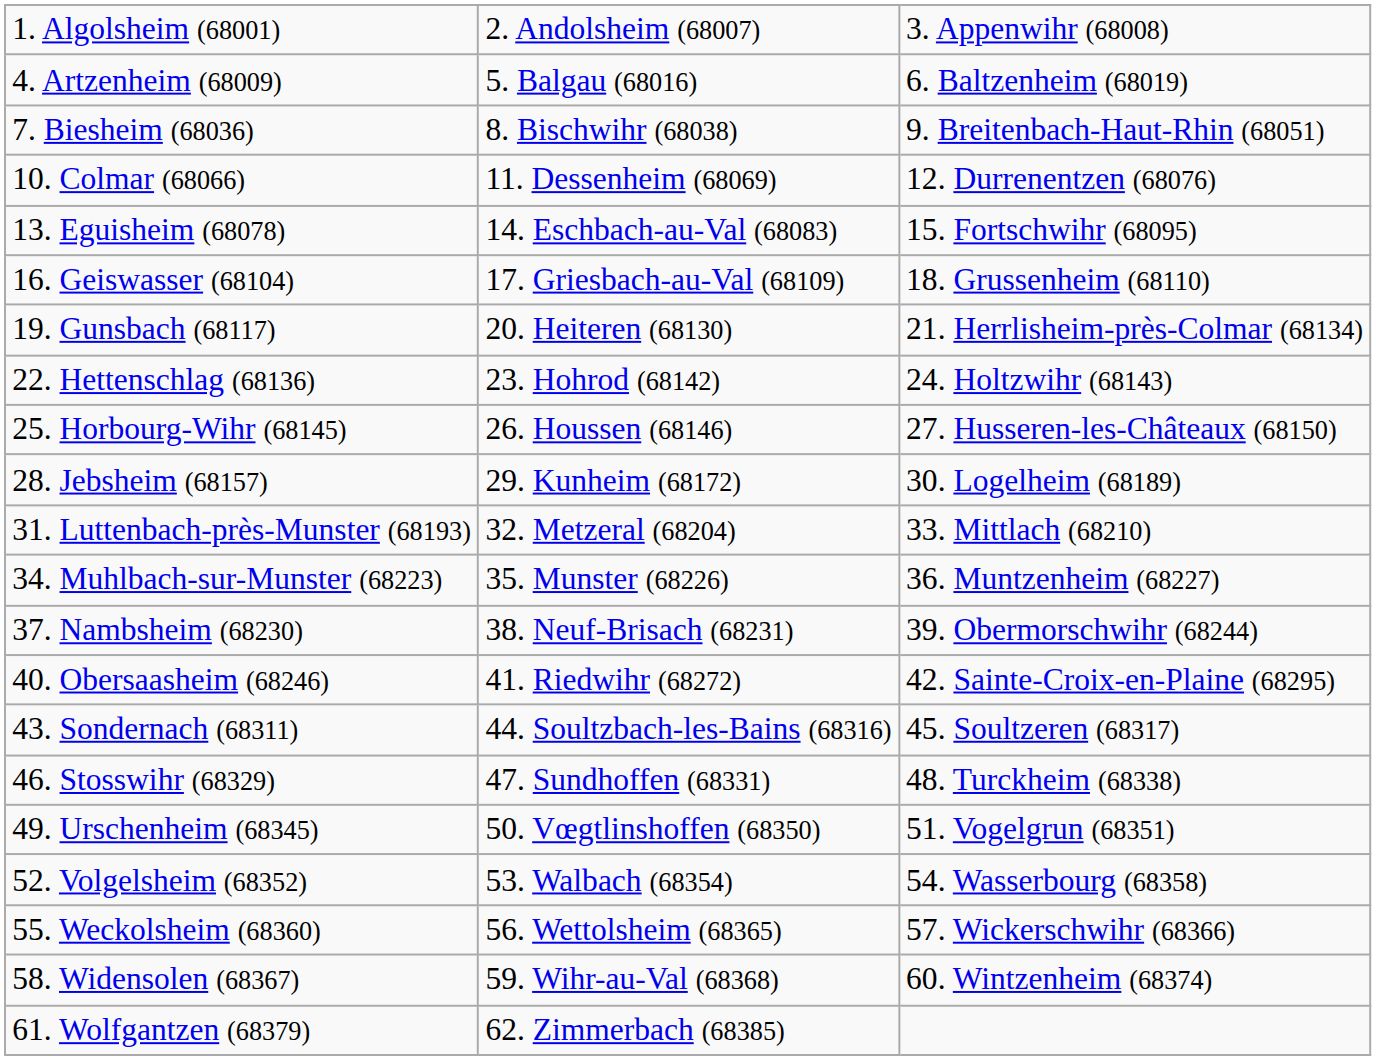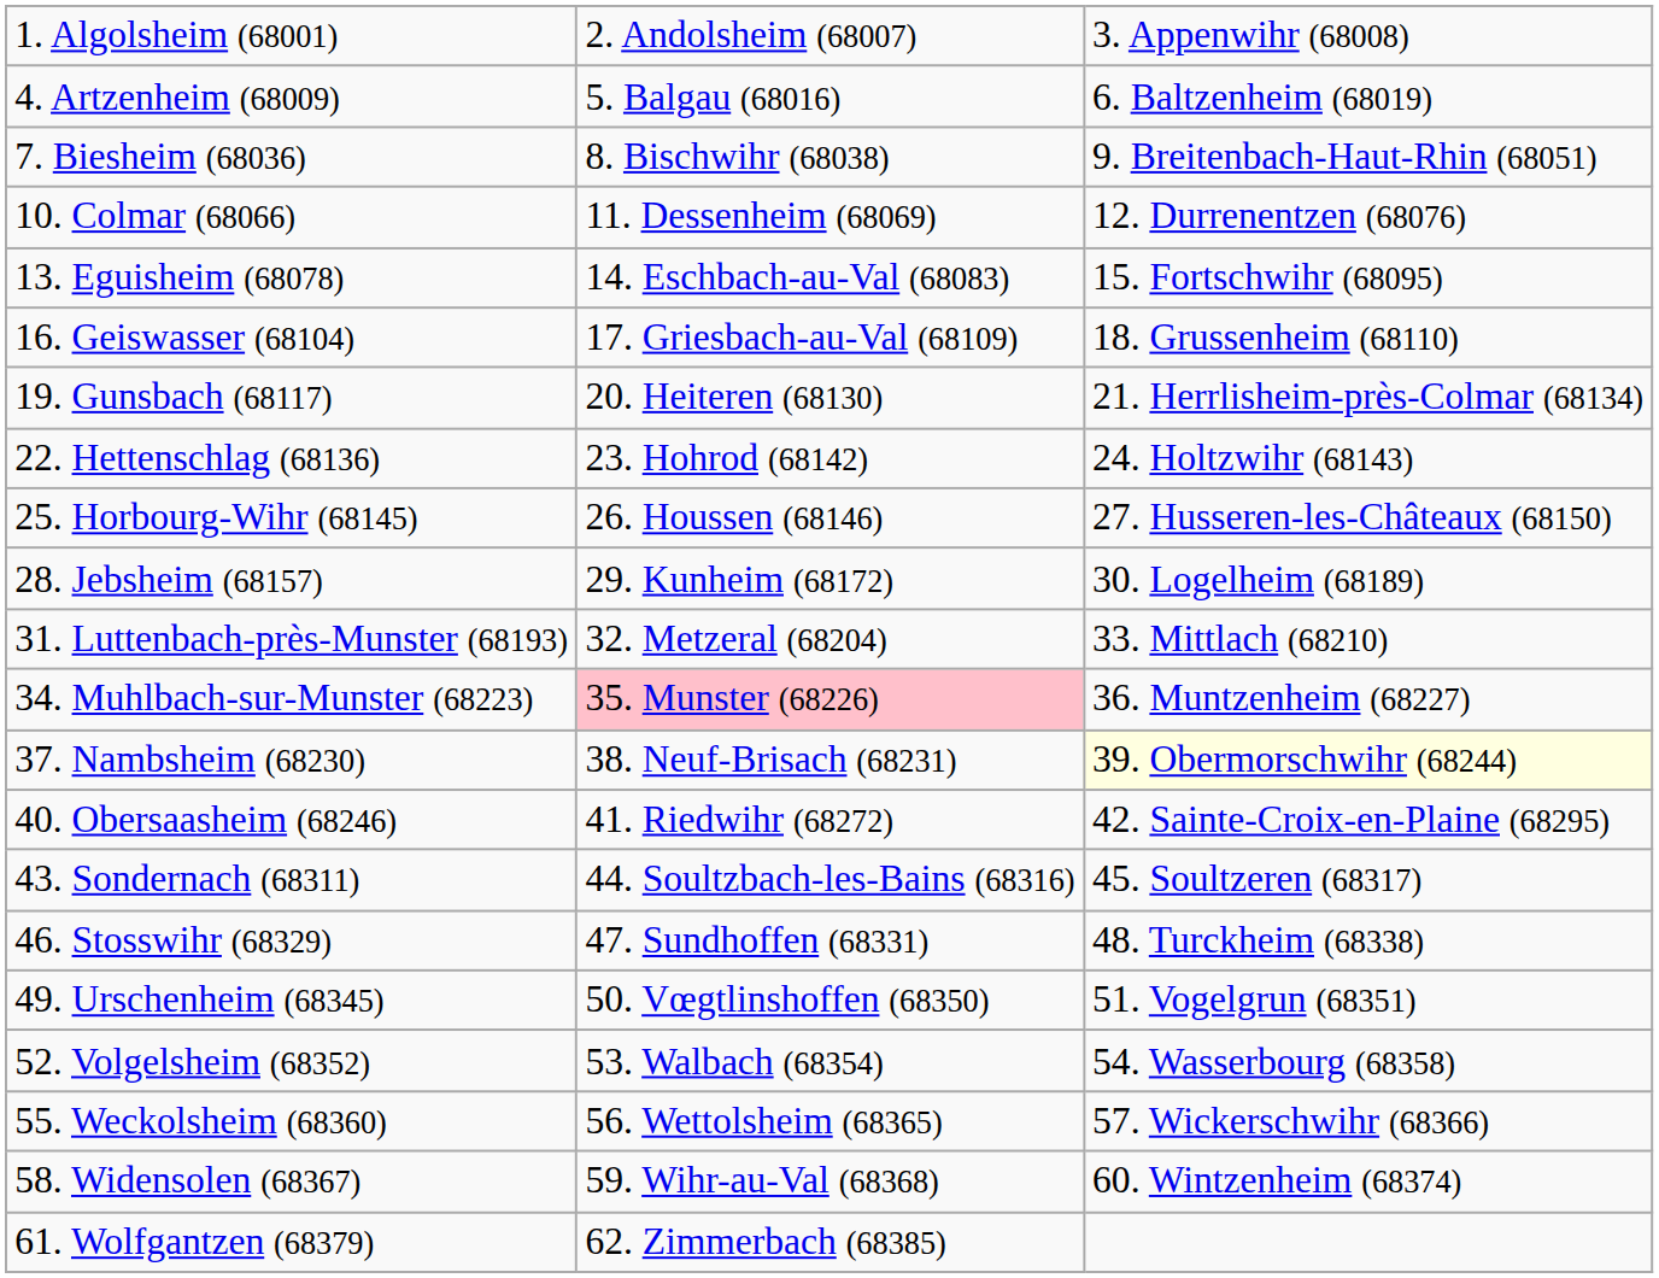 <table class="wikitable">
 <tr>
 <td>1. <a href='#'>Algolsheim</a> <small>(68001)</small></td>
 <td>2. <a href='#'>Andolsheim</a> <small>(68007)</small></td>
 <td>3. <a href='#'>Appenwihr</a> <small>(68008)</small></td>
 </tr>
 <tr>
 <td>4. <a href='#'>Artzenheim</a> <small>(68009)</small></td>
 <td>5. <a href='#'>Balgau</a> <small>(68016)</small></td>
 <td>6. <a href='#'>Baltzenheim</a> <small>(68019)</small></td>
 </tr>
 <tr>
 <td>7. <a href='#'>Biesheim</a> <small>(68036)</small></td>
 <td>8. <a href='#'>Bischwihr</a> <small>(68038)</small></td>
 <td>9. <a href='#'>Breitenbach-Haut-Rhin</a> <small>(68051)</small></td>
 </tr>
 <tr>
 <td>10. <a href='#'>Colmar</a> <small>(68066)</small></td>
 <td>11. <a href='#'>Dessenheim</a> <small>(68069)</small></td>
 <td>12. <a href='#'>Durrenentzen</a> <small>(68076)</small></td>
 </tr>
 <tr>
 <td>13. <a href='#'>Eguisheim</a> <small>(68078)</small></td>
 <td>14. <a href='#'>Eschbach-au-Val</a> <small>(68083)</small></td>
 <td>15. <a href='#'>Fortschwihr</a> <small>(68095)</small></td>
 </tr>
 <tr>
 <td>16. <a href='#'>Geiswasser</a> <small>(68104)</small></td>
 <td>17. <a href='#'>Griesbach-au-Val</a> <small>(68109)</small></td>
 <td>18. <a href='#'>Grussenheim</a> <small>(68110)</small></td>
 </tr>
 <tr>
 <td>19. <a href='#'>Gunsbach</a> <small>(68117)</small></td>
 <td>20. <a href='#'>Heiteren</a> <small>(68130)</small></td>
 <td>21. <a href='#'>Herrlisheim-près-Colmar</a> <small>(68134)</small></td>
 </tr>
 <tr>
 <td>22. <a href='#'>Hettenschlag</a> <small>(68136)</small></td>
 <td>23. <a href='#'>Hohrod</a> <small>(68142)</small></td>
 <td>24. <a href='#'>Holtzwihr</a> <small>(68143)</small></td>
 </tr>
 <tr>
 <td>25. <a href='#'>Horbourg-Wihr</a> <small>(68145)</small></td>
 <td>26. <a href='#'>Houssen</a> <small>(68146)</small></td>
 <td>27. <a href='#'>Husseren-les-Châteaux</a> <small>(68150)</small></td>
 </tr>
 <tr>
 <td>28. <a href='#'>Jebsheim</a> <small>(68157)</small></td>
 <td>29. <a href='#'>Kunheim</a> <small>(68172)</small></td>
 <td>30. <a href='#'>Logelheim</a> <small>(68189)</small></td>
 </tr>
 <tr>
 <td>31. <a href='#'>Luttenbach-près-Munster</a> <small>(68193)</small></td>
 <td>32. <a href='#'>Metzeral</a> <small>(68204)</small></td>
 <td>33. <a href='#'>Mittlach</a> <small>(68210)</small></td>
 </tr>
 <tr>
 <td>34. <a href='#'>Muhlbach-sur-Munster</a> <small>(68223)</small></td>
-<td>35. <a href='#'>Munster</a> <small>(68226)</small></td>
+<td style="background: pink;">35. <a href='#'>Munster</a> <small>(68226)</small></td>
 <td>36. <a href='#'>Muntzenheim</a> <small>(68227)</small></td>
 </tr>
 <tr>
 <td>37. <a href='#'>Nambsheim</a> <small>(68230)</small></td>
 <td>38. <a href='#'>Neuf-Brisach</a> <small>(68231)</small></td>
-<td>39. <a href='#'>Obermorschwihr</a> <small>(68244)</small></td>
+<td style="background: lightyellow;">39. <a href='#'>Obermorschwihr</a> <small>(68244)</small></td>
 </tr>
 <tr>
 <td>40. <a href='#'>Obersaasheim</a> <small>(68246)</small></td>
 <td>41. <a href='#'>Riedwihr</a> <small>(68272)</small></td>
 <td>42. <a href='#'>Sainte-Croix-en-Plaine</a> <small>(68295)</small></td>
 </tr>
 <tr>
 <td>43. <a href='#'>Sondernach</a> <small>(68311)</small></td>
 <td>44. <a href='#'>Soultzbach-les-Bains</a> <small>(68316)</small></td>
 <td>45. <a href='#'>Soultzeren</a> <small>(68317)</small></td>
 </tr>
 <tr>
 <td>46. <a href='#'>Stosswihr</a> <small>(68329)</small></td>
 <td>47. <a href='#'>Sundhoffen</a> <small>(68331)</small></td>
 <td>48. <a href='#'>Turckheim</a> <small>(68338)</small></td>
 </tr>
 <tr>
 <td>49. <a href='#'>Urschenheim</a> <small>(68345)</small></td>
 <td>50. <a href='#'>Vœgtlinshoffen</a> <small>(68350)</small></td>
 <td>51. <a href='#'>Vogelgrun</a> <small>(68351)</small></td>
 </tr>
 <tr>
 <td>52. <a href='#'>Volgelsheim</a> <small>(68352)</small></td>
 <td>53. <a href='#'>Walbach</a> <small>(68354)</small></td>
 <td>54. <a href='#'>Wasserbourg</a> <small>(68358)</small></td>
 </tr>
 <tr>
 <td>55. <a href='#'>Weckolsheim</a> <small>(68360)</small></td>
 <td>56. <a href='#'>Wettolsheim</a> <small>(68365)</small></td>
 <td>57. <a href='#'>Wickerschwihr</a> <small>(68366)</small></td>
 </tr>
 <tr>
 <td>58. <a href='#'>Widensolen</a> <small>(68367)</small></td>
 <td>59. <a href='#'>Wihr-au-Val</a> <small>(68368)</small></td>
 <td>60. <a href='#'>Wintzenheim</a> <small>(68374)</small></td>
 </tr>
 <tr>
 <td>61. <a href='#'>Wolfgantzen</a> <small>(68379)</small></td>
 <td>62. <a href='#'>Zimmerbach</a> <small>(68385)</small></td>
 <td></td>
 </tr>
 </table>
